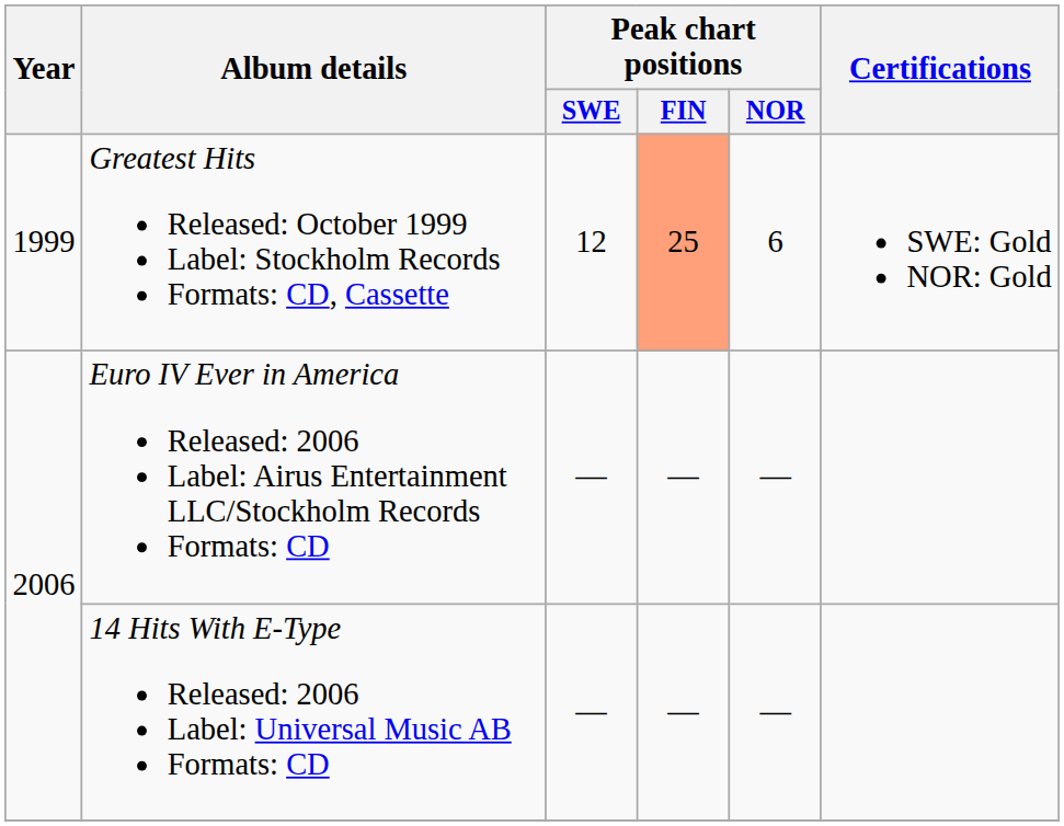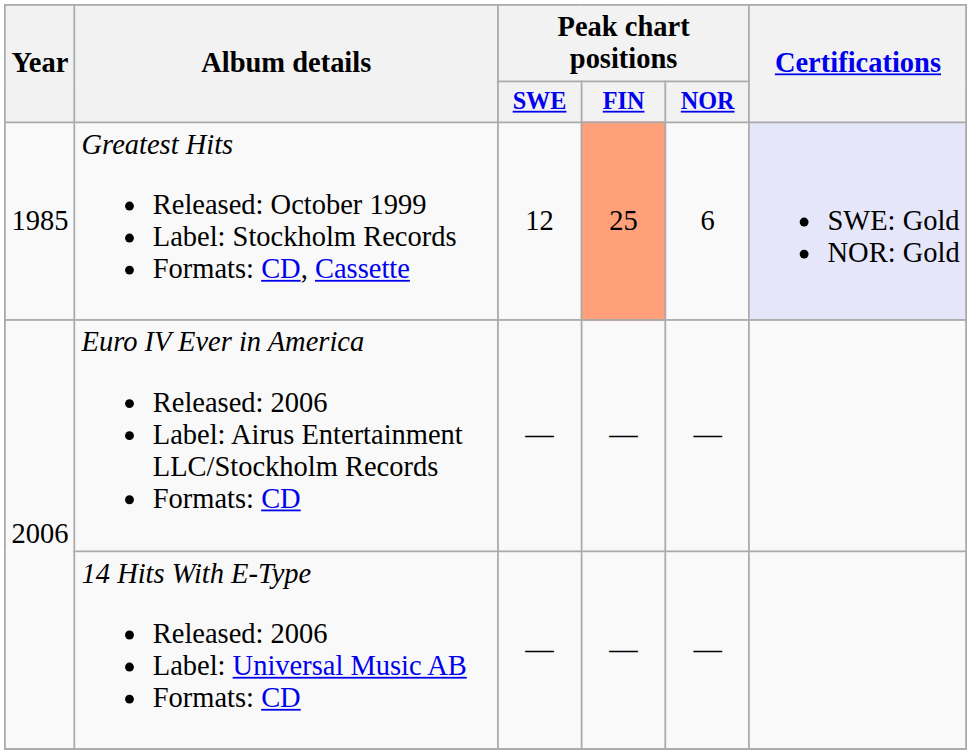 <table class="wikitable" style="text-align:center;">
 <tr>
 <th rowspan="2">Year</th>
 <th rowspan="2" width="230">Album details</th>
 <th colspan="3">Peak chart positions</th>
 <th rowspan="2"><a href='#'>Certifications</a></th>
 </tr>
 <tr>
 <th style="width:3em;font-size:85%"><a href='#'>SWE</a><br></th>
 <th style="width:3em;font-size:85%"><a href='#'>FIN</a><br></th>
 <th style="width:3em;font-size:85%"><a href='#'>NOR</a><br></th>
 </tr>
 <tr>
-<td>1999</td>
+<td>1985</td>
 <td align=left><em>Greatest Hits</em><br><ul><li>Released: October 1999</li><li>Label: Stockholm Records</li><li>Formats: <a href='#'>CD</a>, <a href='#'>Cassette</a></li></ul></td>
 <td>12</td>
 <td style="background: lightsalmon;">25</td>
 <td>6</td>
-<td align="left"><br><ul><li>SWE: Gold</li><li>NOR: Gold</li></ul></td>
+<td align="left" style="background: lavender;"><br><ul><li>SWE: Gold</li><li>NOR: Gold</li></ul></td>
 </tr>
 <tr>
 <td rowspan="2">2006</td>
 <td align=left><em>Euro IV Ever in America</em><br><ul><li>Released: 2006</li><li>Label: Airus Entertainment LLC/Stockholm Records</li><li>Formats: <a href='#'>CD</a></li></ul></td>
 <td>—</td>
 <td>—</td>
 <td>—</td>
 <td></td>
 </tr>
 <tr>
 <td align=left><em>14 Hits With E-Type</em><br><ul><li>Released: 2006</li><li>Label: <a href='#'>Universal Music AB</a></li><li>Formats: <a href='#'>CD</a></li></ul></td>
 <td>—</td>
 <td>—</td>
 <td>—</td>
 <td></td>
 </tr>
 <tr>
 </tr>
 </table>
